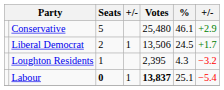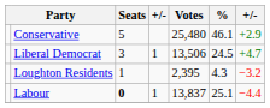 <table class="wikitable">
 <tr>
 <th colspan="2">Party</th>
 <th>Seats</th>
 <th>+/-</th>
 <th>Votes</th>
 <th>%</th>
 <th>+/-</th>
 </tr>
 <tr>
 <td style="background-color: "></td>
 <td><a href='#'>Conservative</a></td>
 <td>5</td>
 <td></td>
 <td>25,480</td>
 <td>46.1</td>
 <td style="color:green">+2.9</td>
 </tr>
 <tr>
 <td style="background-color: "></td>
 <td><a href='#'>Liberal Democrat</a></td>
-<td>2</td>
+<td>3</td>
 <td> 1</td>
 <td>13,506</td>
 <td>24.5</td>
-<td style="color:green">+1.7</td>
+<td style="color:green">+4.7</td>
 </tr>
 <tr>
 <td style="background-color: "></td>
 <td><a href='#'>Loughton Residents</a></td>
 <td>1</td>
 <td></td>
 <td>2,395</td>
 <td>4.3</td>
 <td style="color:red">−3.2</td>
 </tr>
 <tr>
 <td style="background-color: "></td>
 <td><a href='#'>Labour</a></td>
 <td><strong>0</strong></td>
 <td> 1</td>
-<td><strong>13,837</strong></td>
+<td>13,837</td>
 <td>25.1</td>
-<td style="color:red">−5.4</td>
+<td style="color:red">−4.4</td>
 </tr>
 <tr>
 </tr>
 </table>
